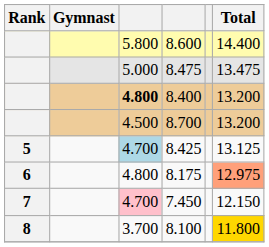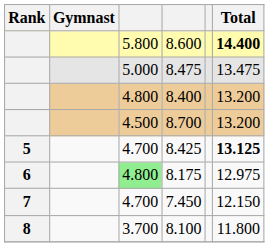 <table class="wikitable sortable" style="text-align:center; font-size:95%">
 <tr>
 <th scope=col>Rank</th>
 <th scope=col>Gymnast</th>
 <th scope=col></th>
 <th scope=col></th>
 <th scope=col></th>
 <th scope=col>Total</th>
 </tr>
 <tr bgcolor=fffcaf>
 <th scope=row></th>
 <td align=left></td>
 <td>5.800</td>
 <td>8.600</td>
 <td></td>
-<td>14.400</td>
+<td><strong>14.400</strong></td>
 </tr>
 <tr bgcolor=e5e5e5>
 <th scope=row></th>
 <td align=left></td>
 <td>5.000</td>
 <td>8.475</td>
 <td></td>
 <td>13.475</td>
 </tr>
 <tr bgcolor=eecc99>
 <th scope=row></th>
 <td align=left></td>
-<td><strong>4.800</strong></td>
+<td>4.800</td>
 <td>8.400</td>
 <td></td>
 <td>13.200</td>
 </tr>
 <tr bgcolor=eecc99>
 <th scope=row></th>
 <td align=left></td>
 <td>4.500</td>
 <td>8.700</td>
 <td></td>
 <td>13.200</td>
 </tr>
 <tr>
 <th scope=row>5</th>
 <td align=left></td>
-<td style="background: lightblue;">4.700</td>
+<td>4.700</td>
 <td>8.425</td>
 <td></td>
-<td>13.125</td>
+<td><strong>13.125</strong></td>
 </tr>
 <tr>
 <th scope=row>6</th>
 <td align=left></td>
-<td>4.800</td>
+<td style="background: lightgreen;">4.800</td>
 <td>8.175</td>
 <td></td>
-<td style="background: lightsalmon;">12.975</td>
+<td>12.975</td>
 </tr>
 <tr>
 <th scope=row>7</th>
 <td align=left></td>
-<td style="background: pink;">4.700</td>
+<td>4.700</td>
 <td>7.450</td>
 <td></td>
 <td>12.150</td>
 </tr>
 <tr>
 <th scope=row>8</th>
 <td align=left></td>
 <td>3.700</td>
 <td>8.100</td>
 <td></td>
-<td style="background: gold;">11.800</td>
+<td>11.800</td>
 </tr>
 <tr>
 </tr>
 </table>
